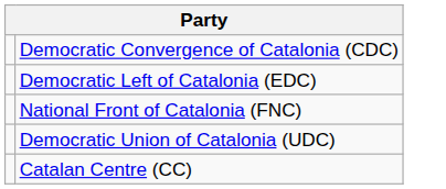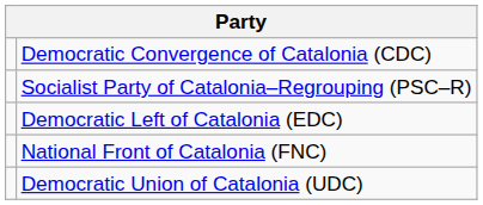 <table class="wikitable" style="text-align:left; font-size:95%;">
 <tr>
 <th colspan="2">Party</th>
 </tr>
 <tr>
 <td width="1"></td>
 <td><a href='#'>Democratic Convergence of Catalonia</a> (CDC)</td>
+</tr>
+<tr>
+<td></td>
+<td><a href='#'>Socialist Party of Catalonia–Regrouping</a> (PSC–R)</td>
 </tr>
 <tr>
 <td></td>
 <td><a href='#'>Democratic Left of Catalonia</a> (EDC)</td>
 </tr>
 <tr>
 <td></td>
 <td><a href='#'>National Front of Catalonia</a> (FNC)</td>
 </tr>
 <tr>
 <td></td>
 <td><a href='#'>Democratic Union of Catalonia</a> (UDC)</td>
 </tr>
-<tr>
-<td></td>
-<td><a href='#'>Catalan Centre</a> (CC)</td>
-</tr>
 </table>
